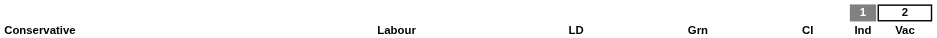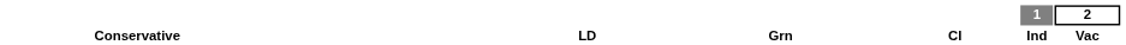 <table style="width:100%; text-align:center;">
 <tr style="color:white;">
 <td style="background-color:"><strong>21</strong></td>
-<td style="background-color:"><strong>12</strong></td>
 <td style="background-color:"><strong>2</strong></td>
 <td style="background-color:"><strong>2</strong></td>
 <td style="background-color:"><strong>1</strong></td>
 <td style="background-color:gray; width:2.4%;"><strong>1</strong></td>
 <td style="color:black; border:2px solid black; width:4.9%;"><strong>2</strong></td>
 </tr>
 <tr>
 <td><span><strong>Conservative</strong></span></td>
-<td><span><strong>Labour</strong></span></td>
 <td><span><strong>LD</strong></span></td>
 <td><span><strong>Grn</strong></span></td>
 <td><span><strong>CI</strong></span></td>
 <td><span><strong>Ind</strong></span></td>
 <td><span><strong>Vac</strong></span></td>
 </tr>
 </table>
